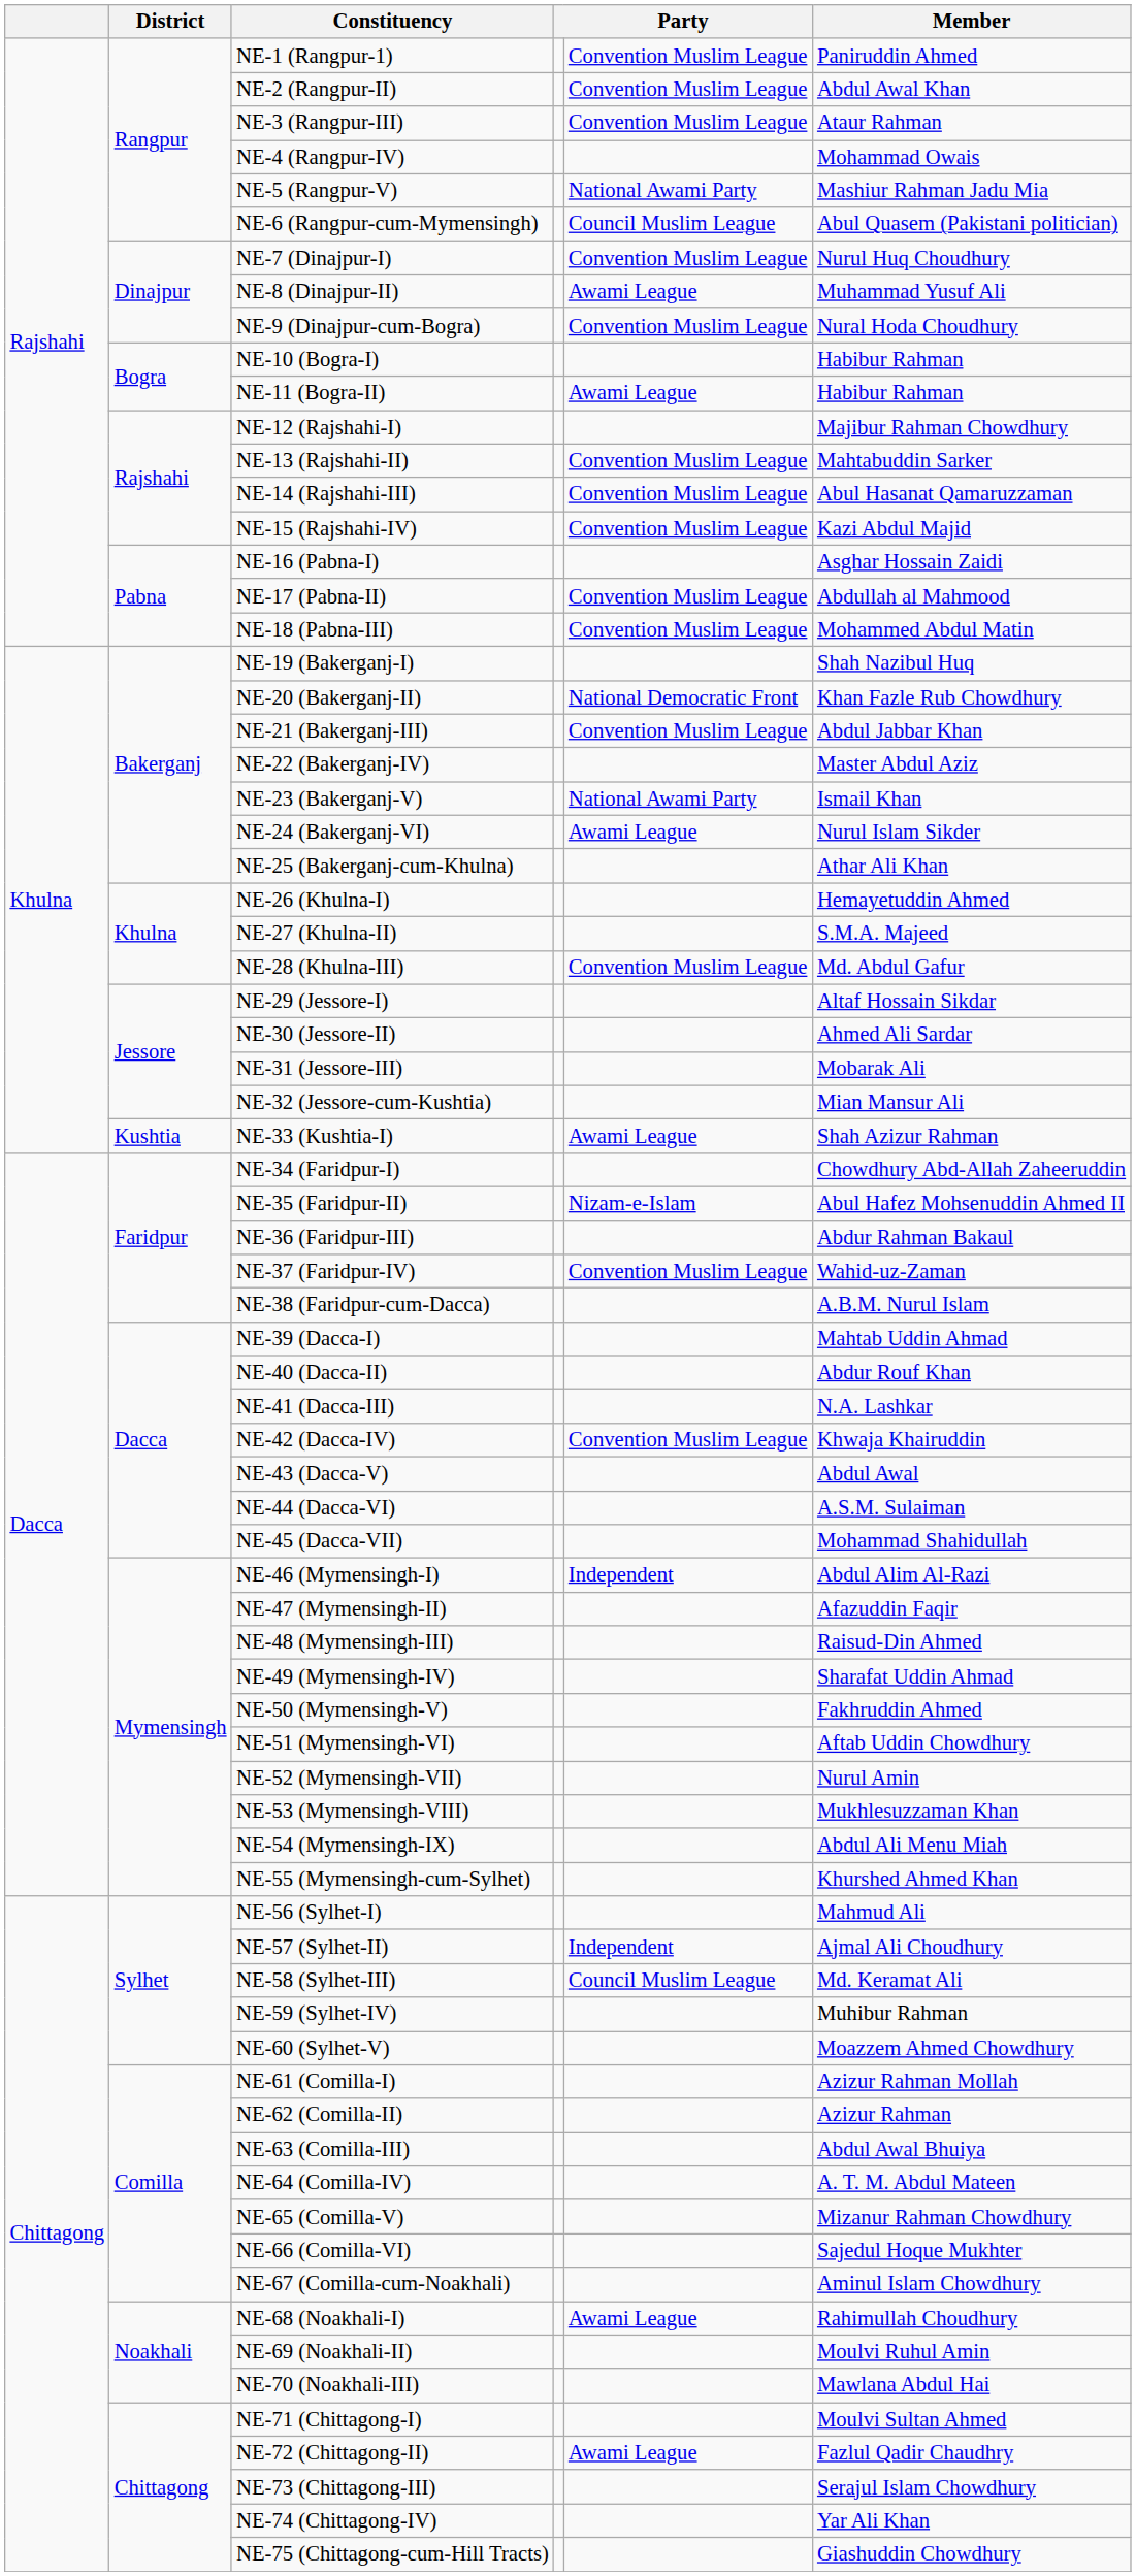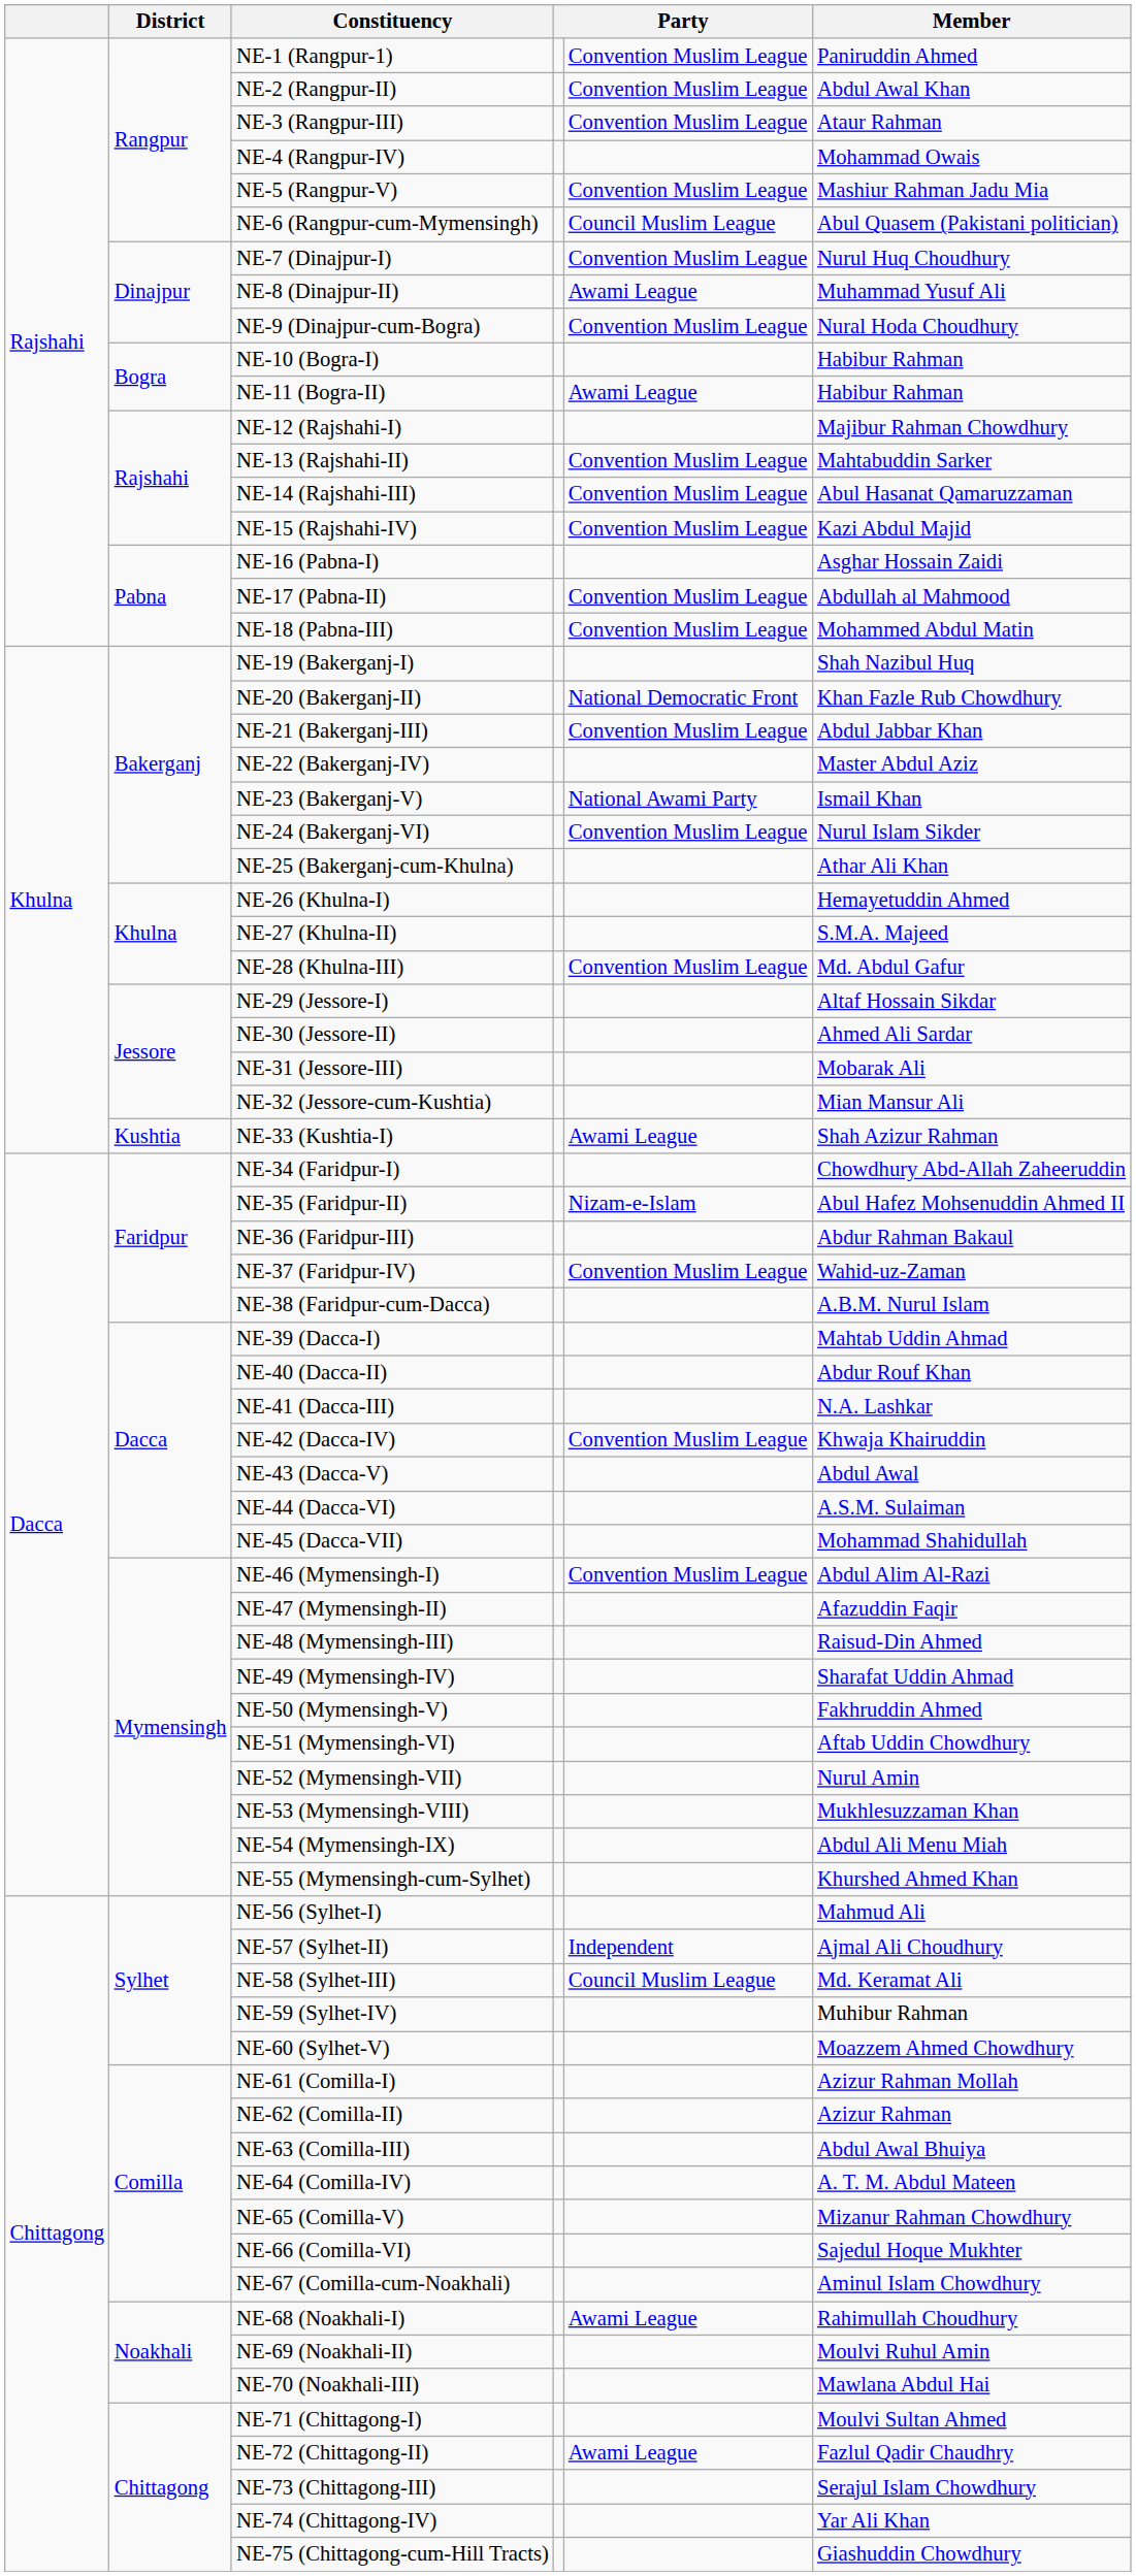 <table class="wikitable sortable">
 <tr>
 <th></th>
 <th>District</th>
 <th>Constituency</th>
 <th colspan="2">Party</th>
 <th>Member</th>
 </tr>
 <tr>
 <td rowspan="18"><a href='#'>Rajshahi</a></td>
 <td rowspan="6"><a href='#'>Rangpur</a></td>
 <td>NE-1 (Rangpur-1)</td>
 <td></td>
 <td><a href='#'>Convention Muslim League</a></td>
 <td><a href='#'>Paniruddin Ahmed</a></td>
 </tr>
 <tr>
 <td>NE-2 (Rangpur-II)</td>
 <td></td>
 <td><a href='#'>Convention Muslim League</a></td>
 <td><a href='#'>Abdul Awal Khan</a></td>
 </tr>
 <tr>
 <td>NE-3 (Rangpur-III)</td>
 <td></td>
 <td><a href='#'>Convention Muslim League</a></td>
 <td><a href='#'>Ataur Rahman</a></td>
 </tr>
 <tr>
 <td>NE-4 (Rangpur-IV)</td>
 <td></td>
 <td></td>
 <td><a href='#'>Mohammad Owais</a></td>
 </tr>
 <tr>
 <td>NE-5 (Rangpur-V)</td>
 <td></td>
-<td><a href='#'>National Awami Party</a></td>
+<td><a href='#'>Convention Muslim League</a></td>
 <td><a href='#'>Mashiur Rahman Jadu Mia</a></td>
 </tr>
 <tr>
 <td>NE-6 (Rangpur-cum-Mymensingh)</td>
 <td></td>
 <td><a href='#'>Council Muslim League</a></td>
 <td><a href='#'>Abul Quasem (Pakistani politician)</a></td>
 </tr>
 <tr>
 <td rowspan="3"><a href='#'>Dinajpur</a></td>
 <td>NE-7 (Dinajpur-I)</td>
 <td></td>
 <td><a href='#'>Convention Muslim League</a></td>
 <td><a href='#'>Nurul Huq Choudhury</a></td>
 </tr>
 <tr>
 <td>NE-8 (Dinajpur-II)</td>
 <td></td>
 <td><a href='#'>Awami League</a></td>
 <td><a href='#'>Muhammad Yusuf Ali</a></td>
 </tr>
 <tr>
 <td>NE-9 (Dinajpur-cum-Bogra)</td>
 <td></td>
 <td><a href='#'>Convention Muslim League</a></td>
 <td><a href='#'>Nural Hoda Choudhury</a></td>
 </tr>
 <tr>
 <td rowspan="2"><a href='#'>Bogra</a></td>
 <td>NE-10 (Bogra-I)</td>
 <td></td>
 <td></td>
 <td><a href='#'>Habibur Rahman</a></td>
 </tr>
 <tr>
 <td>NE-11 (Bogra-II)</td>
 <td></td>
 <td><a href='#'>Awami League</a></td>
 <td><a href='#'>Habibur Rahman</a></td>
 </tr>
 <tr>
 <td rowspan="4"><a href='#'>Rajshahi</a></td>
 <td>NE-12 (Rajshahi-I)</td>
 <td></td>
 <td></td>
 <td><a href='#'>Majibur Rahman Chowdhury</a></td>
 </tr>
 <tr>
 <td>NE-13 (Rajshahi-II)</td>
 <td></td>
 <td><a href='#'>Convention Muslim League</a></td>
 <td><a href='#'>Mahtabuddin Sarker</a></td>
 </tr>
 <tr>
 <td>NE-14 (Rajshahi-III)</td>
 <td></td>
 <td><a href='#'>Convention Muslim League</a></td>
 <td><a href='#'>Abul Hasanat Qamaruzzaman</a></td>
 </tr>
 <tr>
 <td>NE-15 (Rajshahi-IV)</td>
 <td></td>
 <td><a href='#'>Convention Muslim League</a></td>
 <td><a href='#'>Kazi Abdul Majid</a></td>
 </tr>
 <tr>
 <td rowspan="3"><a href='#'>Pabna</a></td>
 <td>NE-16 (Pabna-I)</td>
 <td></td>
 <td></td>
 <td><a href='#'>Asghar Hossain Zaidi</a></td>
 </tr>
 <tr>
 <td>NE-17 (Pabna-II)</td>
 <td></td>
 <td><a href='#'>Convention Muslim League</a></td>
 <td><a href='#'>Abdullah al Mahmood</a></td>
 </tr>
 <tr>
 <td>NE-18 (Pabna-III)</td>
 <td></td>
 <td><a href='#'>Convention Muslim League</a></td>
 <td><a href='#'>Mohammed Abdul Matin</a></td>
 </tr>
 <tr>
 <td rowspan="15"><a href='#'>Khulna</a></td>
 <td rowspan="7"><a href='#'>Bakerganj</a></td>
 <td>NE-19 (Bakerganj-I)</td>
 <td></td>
 <td></td>
 <td><a href='#'>Shah Nazibul Huq</a></td>
 </tr>
 <tr>
 <td>NE-20 (Bakerganj-II)</td>
 <td></td>
 <td><a href='#'>National Democratic Front</a></td>
 <td><a href='#'>Khan Fazle Rub Chowdhury</a></td>
 </tr>
 <tr>
 <td>NE-21 (Bakerganj-III)</td>
 <td></td>
 <td><a href='#'>Convention Muslim League</a></td>
 <td><a href='#'>Abdul Jabbar Khan</a></td>
 </tr>
 <tr>
 <td>NE-22 (Bakerganj-IV)</td>
 <td></td>
 <td></td>
 <td><a href='#'>Master Abdul Aziz</a></td>
 </tr>
 <tr>
 <td>NE-23 (Bakerganj-V)</td>
 <td></td>
 <td><a href='#'>National Awami Party</a></td>
 <td><a href='#'>Ismail Khan</a></td>
 </tr>
 <tr>
 <td>NE-24 (Bakerganj-VI)</td>
 <td></td>
-<td><a href='#'>Awami League</a></td>
+<td><a href='#'>Convention Muslim League</a></td>
 <td><a href='#'>Nurul Islam Sikder</a></td>
 </tr>
 <tr>
 <td>NE-25 (Bakerganj-cum-Khulna)</td>
 <td></td>
 <td></td>
 <td><a href='#'>Athar Ali Khan</a></td>
 </tr>
 <tr>
 <td rowspan="3"><a href='#'>Khulna</a></td>
 <td>NE-26 (Khulna-I)</td>
 <td></td>
 <td></td>
 <td><a href='#'>Hemayetuddin Ahmed</a></td>
 </tr>
 <tr>
 <td>NE-27 (Khulna-II)</td>
 <td></td>
 <td></td>
 <td><a href='#'>S.M.A. Majeed</a></td>
 </tr>
 <tr>
 <td>NE-28 (Khulna-III)</td>
 <td></td>
 <td><a href='#'>Convention Muslim League</a></td>
 <td><a href='#'>Md. Abdul Gafur</a></td>
 </tr>
 <tr>
 <td rowspan="4"><a href='#'>Jessore</a></td>
 <td>NE-29 (Jessore-I)</td>
 <td></td>
 <td></td>
 <td><a href='#'>Altaf Hossain Sikdar</a></td>
 </tr>
 <tr>
 <td>NE-30 (Jessore-II)</td>
 <td></td>
 <td></td>
 <td><a href='#'>Ahmed Ali Sardar</a></td>
 </tr>
 <tr>
 <td>NE-31 (Jessore-III)</td>
 <td></td>
 <td></td>
 <td><a href='#'>Mobarak Ali</a></td>
 </tr>
 <tr>
 <td>NE-32 (Jessore-cum-Kushtia)</td>
 <td></td>
 <td></td>
 <td><a href='#'>Mian Mansur Ali</a></td>
 </tr>
 <tr>
 <td><a href='#'>Kushtia</a></td>
 <td>NE-33 (Kushtia-I)</td>
 <td></td>
 <td><a href='#'>Awami League</a></td>
 <td><a href='#'>Shah Azizur Rahman</a></td>
 </tr>
 <tr>
 <td rowspan="22"><a href='#'>Dacca</a></td>
 <td rowspan="5"><a href='#'>Faridpur</a></td>
 <td>NE-34 (Faridpur-I)</td>
 <td></td>
 <td></td>
 <td><a href='#'>Chowdhury Abd-Allah Zaheeruddin</a></td>
 </tr>
 <tr>
 <td>NE-35 (Faridpur-II)</td>
 <td></td>
 <td><a href='#'>Nizam-e-Islam</a></td>
 <td><a href='#'>Abul Hafez Mohsenuddin Ahmed II</a></td>
 </tr>
 <tr>
 <td>NE-36 (Faridpur-III)</td>
 <td></td>
 <td></td>
 <td><a href='#'>Abdur Rahman Bakaul</a></td>
 </tr>
 <tr>
 <td>NE-37 (Faridpur-IV)</td>
 <td></td>
 <td><a href='#'>Convention Muslim League</a></td>
 <td><a href='#'>Wahid-uz-Zaman</a></td>
 </tr>
 <tr>
 <td>NE-38 (Faridpur-cum-Dacca)</td>
 <td></td>
 <td></td>
 <td><a href='#'>A.B.M. Nurul Islam</a></td>
 </tr>
 <tr>
 <td rowspan="7"><a href='#'>Dacca</a></td>
 <td>NE-39 (Dacca-I)</td>
 <td></td>
 <td></td>
 <td><a href='#'>Mahtab Uddin Ahmad</a></td>
 </tr>
 <tr>
 <td>NE-40 (Dacca-II)</td>
 <td></td>
 <td></td>
 <td><a href='#'>Abdur Rouf Khan</a></td>
 </tr>
 <tr>
 <td>NE-41 (Dacca-III)</td>
 <td></td>
 <td></td>
 <td><a href='#'>N.A. Lashkar</a></td>
 </tr>
 <tr>
 <td>NE-42 (Dacca-IV)</td>
 <td></td>
 <td><a href='#'>Convention Muslim League</a></td>
 <td><a href='#'>Khwaja Khairuddin</a></td>
 </tr>
 <tr>
 <td>NE-43 (Dacca-V)</td>
 <td></td>
 <td></td>
 <td><a href='#'>Abdul Awal</a></td>
 </tr>
 <tr>
 <td>NE-44 (Dacca-VI)</td>
 <td></td>
 <td></td>
 <td><a href='#'>A.S.M. Sulaiman</a></td>
 </tr>
 <tr>
 <td>NE-45 (Dacca-VII)</td>
 <td></td>
 <td></td>
 <td><a href='#'>Mohammad Shahidullah</a></td>
 </tr>
 <tr>
 <td rowspan="10"><a href='#'>Mymensingh</a></td>
 <td>NE-46 (Mymensingh-I)</td>
 <td></td>
-<td><a href='#'>Independent</a></td>
+<td><a href='#'>Convention Muslim League</a></td>
 <td><a href='#'>Abdul Alim Al-Razi</a></td>
 </tr>
 <tr>
 <td>NE-47 (Mymensingh-II)</td>
 <td></td>
 <td></td>
 <td><a href='#'>Afazuddin Faqir</a></td>
 </tr>
 <tr>
 <td>NE-48 (Mymensingh-III)</td>
 <td></td>
 <td></td>
 <td><a href='#'>Raisud-Din Ahmed</a></td>
 </tr>
 <tr>
 <td>NE-49 (Mymensingh-IV)</td>
 <td></td>
 <td></td>
 <td><a href='#'>Sharafat Uddin Ahmad</a></td>
 </tr>
 <tr>
 <td>NE-50 (Mymensingh-V)</td>
 <td></td>
 <td></td>
 <td><a href='#'>Fakhruddin Ahmed</a></td>
 </tr>
 <tr>
 <td>NE-51 (Mymensingh-VI)</td>
 <td></td>
 <td></td>
 <td><a href='#'>Aftab Uddin Chowdhury</a></td>
 </tr>
 <tr>
 <td>NE-52 (Mymensingh-VII)</td>
 <td></td>
 <td></td>
 <td><a href='#'>Nurul Amin</a></td>
 </tr>
 <tr>
 <td>NE-53 (Mymensingh-VIII)</td>
 <td></td>
 <td></td>
 <td><a href='#'>Mukhlesuzzaman Khan</a></td>
 </tr>
 <tr>
 <td>NE-54 (Mymensingh-IX)</td>
 <td></td>
 <td></td>
 <td><a href='#'>Abdul Ali Menu Miah</a></td>
 </tr>
 <tr>
 <td>NE-55 (Mymensingh-cum-Sylhet)</td>
 <td></td>
 <td></td>
 <td><a href='#'>Khurshed Ahmed Khan</a></td>
 </tr>
 <tr>
 <td rowspan="20"><a href='#'>Chittagong</a></td>
 <td rowspan="5"><a href='#'>Sylhet</a></td>
 <td>NE-56 (Sylhet-I)</td>
 <td></td>
 <td></td>
 <td><a href='#'>Mahmud Ali</a></td>
 </tr>
 <tr>
 <td>NE-57 (Sylhet-II)</td>
 <td></td>
 <td><a href='#'>Independent</a></td>
 <td><a href='#'>Ajmal Ali Choudhury</a></td>
 </tr>
 <tr>
 <td>NE-58 (Sylhet-III)</td>
 <td></td>
 <td><a href='#'>Council Muslim League</a></td>
 <td><a href='#'>Md. Keramat Ali</a></td>
 </tr>
 <tr>
 <td>NE-59 (Sylhet-IV)</td>
 <td></td>
 <td></td>
 <td>Muhibur Rahman</td>
 </tr>
 <tr>
 <td>NE-60 (Sylhet-V)</td>
 <td></td>
 <td></td>
 <td><a href='#'>Moazzem Ahmed Chowdhury</a></td>
 </tr>
 <tr>
 <td rowspan="7"><a href='#'>Comilla</a></td>
 <td>NE-61 (Comilla-I)</td>
 <td></td>
 <td></td>
 <td><a href='#'>Azizur Rahman Mollah</a></td>
 </tr>
 <tr>
 <td>NE-62 (Comilla-II)</td>
 <td></td>
 <td></td>
 <td><a href='#'>Azizur Rahman</a></td>
 </tr>
 <tr>
 <td>NE-63 (Comilla-III)</td>
 <td></td>
 <td></td>
 <td><a href='#'>Abdul Awal Bhuiya</a></td>
 </tr>
 <tr>
 <td>NE-64 (Comilla-IV)</td>
 <td></td>
 <td></td>
 <td><a href='#'>A. T. M. Abdul Mateen</a></td>
 </tr>
 <tr>
 <td>NE-65 (Comilla-V)</td>
 <td></td>
 <td></td>
 <td><a href='#'>Mizanur Rahman Chowdhury</a></td>
 </tr>
 <tr>
 <td>NE-66 (Comilla-VI)</td>
 <td></td>
 <td></td>
 <td><a href='#'>Sajedul Hoque Mukhter</a></td>
 </tr>
 <tr>
 <td>NE-67 (Comilla-cum-Noakhali)</td>
 <td></td>
 <td></td>
 <td><a href='#'>Aminul Islam Chowdhury</a></td>
 </tr>
 <tr>
 <td rowspan="3"><a href='#'>Noakhali</a></td>
 <td>NE-68 (Noakhali-I)</td>
 <td></td>
 <td><a href='#'>Awami League</a></td>
 <td><a href='#'>Rahimullah Choudhury</a></td>
 </tr>
 <tr>
 <td>NE-69 (Noakhali-II)</td>
 <td></td>
 <td></td>
 <td><a href='#'>Moulvi Ruhul Amin</a></td>
 </tr>
 <tr>
 <td>NE-70 (Noakhali-III)</td>
 <td></td>
 <td></td>
 <td><a href='#'>Mawlana Abdul Hai</a></td>
 </tr>
 <tr>
 <td rowspan="5"><a href='#'>Chittagong</a></td>
 <td>NE-71 (Chittagong-I)</td>
 <td></td>
 <td></td>
 <td><a href='#'>Moulvi Sultan Ahmed</a></td>
 </tr>
 <tr>
 <td>NE-72 (Chittagong-II)</td>
 <td></td>
 <td><a href='#'>Awami League</a></td>
 <td><a href='#'>Fazlul Qadir Chaudhry</a></td>
 </tr>
 <tr>
 <td>NE-73 (Chittagong-III)</td>
 <td></td>
 <td></td>
 <td><a href='#'>Serajul Islam Chowdhury</a></td>
 </tr>
 <tr>
 <td>NE-74 (Chittagong-IV)</td>
 <td></td>
 <td></td>
 <td><a href='#'>Yar Ali Khan</a></td>
 </tr>
 <tr>
 <td>NE-75 (Chittagong-cum-Hill Tracts)</td>
 <td></td>
 <td></td>
 <td><a href='#'>Giashuddin Chowdhury</a></td>
 </tr>
 <tr>
 </tr>
 </table>
